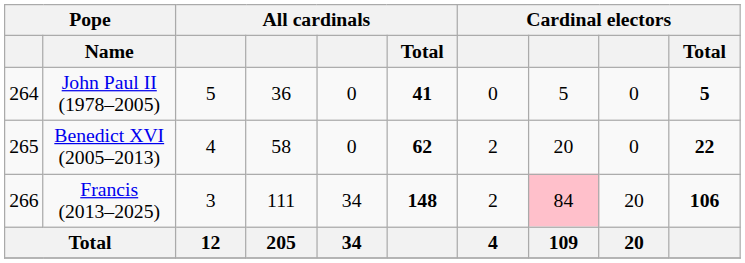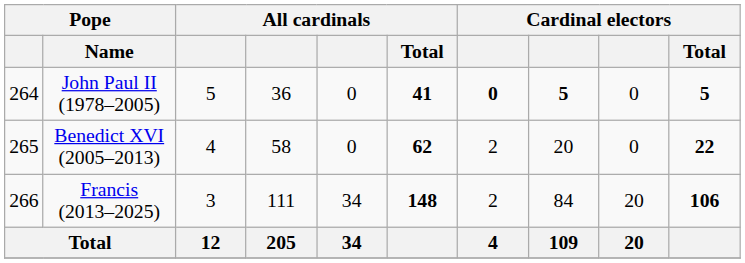 <table class="wikitable sortable" style="text-align:center">
 <tr>
 <th scope="colgroup" colspan="2">Pope</th>
 <th scope="colgroup" colspan="4">All cardinals</th>
 <th scope="colgroup" colspan="4">Cardinal electors</th>
 </tr>
 <tr>
 <th scope="col"></th>
 <th scope="col" width="100">Name</th>
 <th scope="col" width="50"></th>
 <th scope="col" width="50"></th>
 <th scope="col" width="50"></th>
 <th scope="col" width="50">Total</th>
 <th scope="col" width="50"></th>
 <th scope="col" width="50"></th>
 <th scope="col" width="50"></th>
 <th scope="col" width="50">Total</th>
 </tr>
 <tr>
 <td>264</td>
 <td scope="row" data-sort-value="John Paul 02"><a href='#'>John Paul II</a><br><span>(1978–2005)</span></td>
 <td>5</td>
 <td>36</td>
 <td>0</td>
 <td><strong>41</strong> </td>
-<td>0</td>
-<td>5</td>
+<td><strong>0</strong></td>
+<td><strong>5</strong></td>
 <td>0</td>
 <td><strong>5</strong> </td>
 </tr>
 <tr>
 <td>265</td>
 <td scope="row" data-sort-value="Benedict 16"><a href='#'>Benedict XVI</a><br><span>(2005–2013)</span></td>
 <td>4</td>
 <td>58</td>
 <td>0</td>
 <td><strong>62</strong> </td>
 <td>2</td>
 <td>20</td>
 <td>0</td>
 <td><strong>22</strong> </td>
 </tr>
 <tr>
 <td>266</td>
 <td scope="row" data-sort-value="Francis"><a href='#'>Francis</a><br><span>(2013–2025)</span></td>
 <td>3</td>
 <td>111</td>
 <td>34</td>
 <td><strong>148</strong> </td>
 <td>2</td>
-<td style="background: pink;">84</td>
+<td>84</td>
 <td>20</td>
 <td><strong>106</strong><br></td>
 </tr>
 <tr>
 <th scope="row" colspan="2">Total</th>
 <th>12</th>
 <th>205</th>
 <th>34</th>
 <th></th>
 <th>4</th>
 <th>109</th>
 <th>20</th>
 <th></th>
 </tr>
 <tr>
 </tr>
 </table>
